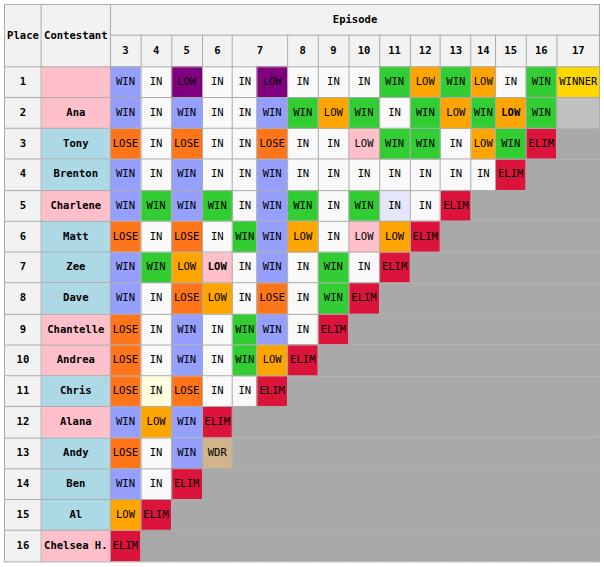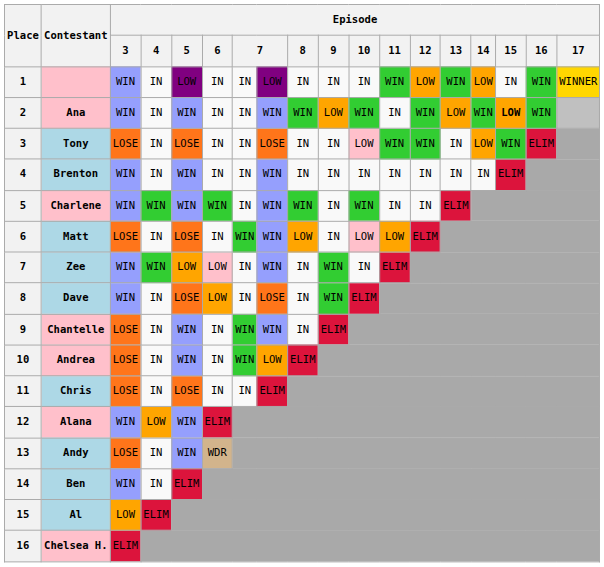 <table class="wikitable" style="text-align: center; font-size: 8pt; line-height:26px;">
 <tr>
 <th rowspan="2">Place</th>
 <th rowspan="2">Contestant</th>
 <th colspan="16">Episode</th>
 </tr>
 <tr>
 <th>3</th>
 <th>4</th>
 <th>5</th>
 <th>6</th>
 <th colspan=2>7</th>
 <th>8</th>
 <th>9</th>
 <th>10</th>
 <th>11</th>
 <th>12</th>
 <th>13</th>
 <th>14</th>
 <th>15</th>
 <th>16</th>
 <th>17</th>
 </tr>
 <tr>
 <th>1</th>
 <th style="background:pink;"></th>
 <td style="background:#959FFD">WIN</td>
 <td>IN</td>
 <td style="background:purple">LOW</td>
 <td>IN</td>
 <td>IN</td>
 <td style="background:purple">LOW</td>
 <td>IN</td>
 <td>IN</td>
 <td>IN</td>
 <td style="background:limegreen">WIN</td>
 <td style="background:orange">LOW</td>
 <td style="background:limegreen">WIN</td>
 <td style="background:orange">LOW</td>
 <td>IN</td>
 <td style="background:limegreen">WIN</td>
 <td style="background:gold">WINNER</td>
 </tr>
 <tr>
 <th>2</th>
 <th style="background:pink;">Ana</th>
 <td style="background:#959FFD">WIN</td>
 <td>IN</td>
 <td style="background:#959FFD">WIN</td>
 <td>IN</td>
 <td>IN</td>
 <td style="background:#959FFD">WIN</td>
 <td style="background:limegreen">WIN</td>
 <td style="background:orange">LOW</td>
 <td style="background:limegreen">WIN</td>
 <td>IN</td>
 <td style="background:limegreen">WIN</td>
 <td style="background:orange">LOW</td>
 <td style="background:limegreen">WIN</td>
 <td style="background:orange"><strong>LOW</strong></td>
 <td style="background:limegreen">WIN</td>
 <td style="background:silver;"></td>
 </tr>
 <tr>
 <th>3</th>
 <th style="background:lightblue;">Tony</th>
 <td style="background:#FF751A">LOSE</td>
 <td>IN</td>
 <td style="background:#FF751A">LOSE</td>
 <td>IN</td>
 <td>IN</td>
 <td style="background:#FF751A">LOSE</td>
 <td>IN</td>
 <td>IN</td>
 <td style="background:pink">LOW</td>
 <td style="background:limegreen">WIN</td>
 <td style="background:limegreen">WIN</td>
 <td>IN</td>
 <td style="background:orange">LOW</td>
 <td style="background:limegreen">WIN</td>
 <td style="background:crimson">ELIM</td>
 <td colspan="16" style="background:darkgrey"></td>
 </tr>
 <tr>
 <th>4</th>
 <th style="background:lightblue;">Brenton</th>
 <td style="background:#959FFD">WIN</td>
 <td>IN</td>
 <td style="background:#959FFD">WIN</td>
 <td>IN</td>
 <td>IN</td>
 <td style="background:#959FFD">WIN</td>
 <td>IN</td>
 <td>IN</td>
 <td>IN</td>
 <td>IN</td>
 <td>IN</td>
 <td>IN</td>
 <td>IN</td>
 <td style="background:crimson">ELIM</td>
 <td colspan="16" style="background:darkgrey"></td>
 </tr>
 <tr>
 <th>5</th>
 <th style="background:pink;">Charlene</th>
 <td style="background:#959FFD">WIN</td>
 <td style="background:limegreen">WIN</td>
 <td style="background:#959FFD">WIN</td>
 <td style="background:limegreen">WIN</td>
 <td>IN</td>
 <td style="background:#959FFD">WIN</td>
 <td style="background:limegreen">WIN</td>
 <td>IN</td>
 <td style="background:limegreen">WIN</td>
-<td style="background: lavender;">IN</td>
+<td>IN</td>
 <td>IN</td>
 <td style="background:crimson">ELIM</td>
 <td colspan="16" style="background:darkgrey"></td>
 </tr>
 <tr>
 <th>6</th>
 <th style="background:lightblue;">Matt</th>
 <td style="background:#FF751A">LOSE</td>
 <td>IN</td>
 <td style="background:#FF751A">LOSE</td>
 <td>IN</td>
 <td style="background:limegreen">WIN</td>
 <td style="background:#959FFD">WIN</td>
 <td style="background:orange">LOW</td>
 <td>IN</td>
 <td style="background:pink">LOW</td>
 <td style="background:orange">LOW</td>
 <td style="background:crimson">ELIM</td>
 <td colspan="16" style="background:darkgrey"></td>
 </tr>
 <tr>
 <th>7</th>
 <th style="background:lightblue;">Zee</th>
 <td style="background:#959FFD">WIN</td>
 <td style="background:limegreen">WIN</td>
 <td style="background:orange">LOW</td>
-<td style="background:pink"><strong>LOW</strong></td>
+<td style="background:pink">LOW</td>
 <td>IN</td>
 <td style="background:#959FFD">WIN</td>
 <td>IN</td>
 <td style="background:limegreen">WIN</td>
 <td>IN</td>
 <td style="background:crimson">ELIM</td>
 <td colspan="16" style="background:darkgrey"></td>
 </tr>
 <tr>
 <th>8</th>
 <th style="background:lightblue;">Dave</th>
 <td style="background:#959FFD">WIN</td>
 <td>IN</td>
 <td style="background:#FF751A">LOSE</td>
 <td style="background:orange">LOW</td>
 <td>IN</td>
 <td style="background:#FF751A">LOSE</td>
 <td>IN</td>
 <td style="background:limegreen">WIN</td>
 <td style="background:crimson">ELIM</td>
 <td colspan="16" style="background:darkgrey"></td>
 </tr>
 <tr>
 <th>9</th>
 <th style="background:pink;">Chantelle</th>
 <td style="background:#FF751A">LOSE</td>
 <td>IN</td>
 <td style="background:#959FFD">WIN</td>
 <td>IN</td>
 <td style="background:limegreen">WIN</td>
 <td style="background:#959FFD">WIN</td>
 <td>IN</td>
 <td style="background:crimson">ELIM</td>
 <td colspan="16" style="background:darkgrey"></td>
 </tr>
 <tr>
 <th>10</th>
 <th style="background:pink;">Andrea</th>
 <td style="background:#FF751A">LOSE</td>
 <td>IN</td>
 <td style="background:#959FFD">WIN</td>
 <td>IN</td>
 <td style="background:limegreen">WIN</td>
 <td style="background:orange">LOW</td>
 <td style="background:crimson">ELIM</td>
 <td colspan="16" style="background:darkgrey"></td>
 </tr>
 <tr>
 <th>11</th>
 <th style="background:lightblue;">Chris</th>
 <td style="background:#FF751A">LOSE</td>
-<td style="background: lightyellow;">IN</td>
+<td>IN</td>
 <td style="background:#FF751A">LOSE</td>
 <td>IN</td>
 <td>IN</td>
 <td style="background:crimson">ELIM</td>
 <td colspan="16" style="background:darkgrey"></td>
 </tr>
 <tr>
 <th>12</th>
 <th style="background:pink;">Alana</th>
 <td style="background:#959FFD">WIN</td>
 <td style="background:orange">LOW</td>
 <td style="background:#959FFD">WIN</td>
 <td style="background:crimson">ELIM</td>
 <td colspan="16" style="background:darkgrey"></td>
 </tr>
 <tr>
 <th>13</th>
 <th style="background:lightblue;">Andy</th>
 <td style="background:#FF751A">LOSE</td>
 <td>IN</td>
 <td style="background:#959FFD">WIN</td>
 <td style="background:tan">WDR</td>
 <td colspan="16" style="background:darkgrey"></td>
 </tr>
 <tr>
 <th>14</th>
 <th style="background:lightblue;">Ben</th>
 <td style="background:#959FFD">WIN</td>
 <td>IN</td>
 <td style="background:crimson">ELIM</td>
 <td colspan="16" style="background:darkgrey"></td>
 </tr>
 <tr>
 <th>15</th>
 <th style="background:lightblue;">Al</th>
 <td style="background:orange">LOW</td>
 <td style="background:crimson">ELIM</td>
 <td colspan="16" style="background:darkgrey"></td>
 </tr>
 <tr>
 <th>16</th>
 <th style="background:pink;">Chelsea H.</th>
 <td style="background:crimson">ELIM</td>
 <td colspan="16" style="background:darkgrey"></td>
 </tr>
 </table>
